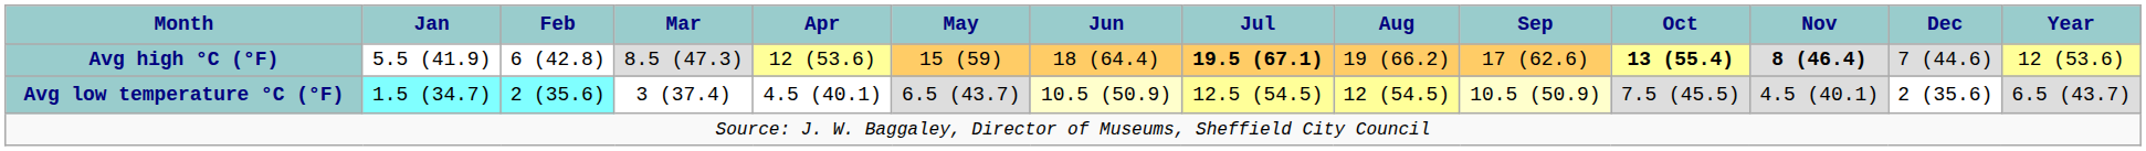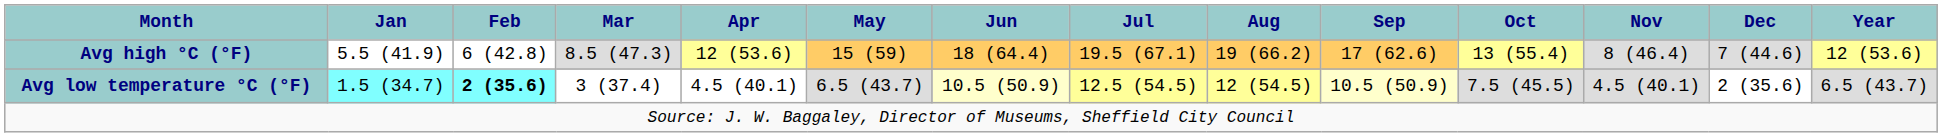 <table class="wikitable" style="font-size:90%;width:100%;border:0px;text-align:center;line-height:120%;">
 <tr>
 <th style="background: #99CCCC; color: #000080" height="17">Month</th>
 <th style="background: #99CCCC; color:#000080;">Jan</th>
 <th style="background: #99CCCC; color:#000080;">Feb</th>
 <th style="background: #99CCCC; color:#000080;">Mar</th>
 <th style="background: #99CCCC; color:#000080;">Apr</th>
 <th style="background: #99CCCC; color:#000080;">May</th>
 <th style="background: #99CCCC; color:#000080;">Jun</th>
 <th style="background: #99CCCC; color:#000080;">Jul</th>
 <th style="background: #99CCCC; color:#000080;">Aug</th>
 <th style="background: #99CCCC; color:#000080;">Sep</th>
 <th style="background: #99CCCC; color:#000080;">Oct</th>
 <th style="background: #99CCCC; color:#000080;">Nov</th>
 <th style="background: #99CCCC; color:#000080;">Dec</th>
 <th style="background: #99CCCC; color:#000080;">Year</th>
 </tr>
 <tr>
 <th style="background: #99CCCC; color:#000080;">Avg high °C (°F)</th>
 <td style="background: #FFFFFF; color:#000000;">5.5 (41.9)</td>
 <td style="background: #FFFFFF; color:#000000;">6 (42.8)</td>
 <td style="background: #DDDDDD; color:#000000;">8.5 (47.3)</td>
 <td style="background: #FFFF99; color:#000000;">12 (53.6)</td>
 <td style="background: #FFCC66; color:#000000;">15 (59)</td>
 <td style="background: #FFCC66; color:#000000;">18 (64.4)</td>
-<td style="background: #FFCC66; color:#000000;"><strong>19.5 (67.1)</strong></td>
+<td style="background: #FFCC66; color:#000000;">19.5 (67.1)</td>
 <td style="background: #FFCC66; color:#000000;">19 (66.2)</td>
 <td style="background: #FFCC66; color:#000000;">17 (62.6)</td>
-<td style="background: #FFFF99; color:#000000;"><strong>13 (55.4)</strong></td>
-<td style="background: #DDDDDD; color:#000000;"><strong>8 (46.4)</strong></td>
+<td style="background: #FFFF99; color:#000000;">13 (55.4)</td>
+<td style="background: #DDDDDD; color:#000000;">8 (46.4)</td>
 <td style="background: #DDDDDD; color:#000000;">7 (44.6)</td>
 <td style="background: #FFFF99; color:#000000;">12 (53.6)</td>
 </tr>
 <tr>
 <th style="background: #99CCCC; color:#000080;" height="16;">Avg low temperature °C (°F)</th>
 <td style="background: #80FFFF; color: black;">1.5 (34.7)</td>
-<td style="background: #80FFFF; color: black;">2 (35.6)</td>
+<td style="background: #80FFFF; color: black;"><strong>2 (35.6)</strong></td>
 <td style="background: #FFFFFF; color: black;">3 (37.4)</td>
 <td style="background: #FFFFFF; color: black;">4.5 (40.1)</td>
 <td style="background: #DDDDDD; color: black;">6.5 (43.7)</td>
 <td style="background: #FFFFCC; color: black;">10.5 (50.9)</td>
 <td style="background: #FFFF99; color: black;">12.5 (54.5)</td>
 <td style="background: #FFFF99; color: black;">12 (54.5)</td>
 <td style="background: #FFFFCC; color: black;">10.5 (50.9)</td>
 <td style="background: #DDDDDD; color: black;">7.5 (45.5)</td>
 <td style="background: #DDDDDD; color: black;">4.5 (40.1)</td>
 <td style="background: #FFFFFF; color: black;">2 (35.6)</td>
 <td style="background: #DDDDDD; color: black;">6.5 (43.7)</td>
 </tr>
 <tr>
 <td colspan="14" style="text-align:center;font-size:90%;"><em>Source: J. W. Baggaley, Director of Museums, Sheffield City Council</em></td>
 </tr>
 </table>
